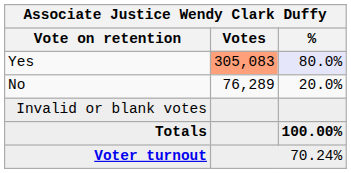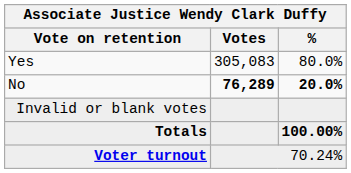 <table class="wikitable" style="font-size: 95%;">
 <tr style="background-color:#E9E9E9">
 <th colspan=6>Associate Justice Wendy Clark Duffy</th>
 </tr>
 <tr style="background-color:#E9E9E9">
 <th style="width: 170px">Vote on retention</th>
 <th style="width: 50px">Votes</th>
 <th style="width: 40px">%</th>
 </tr>
 <tr>
 <td>Yes</td>
-<td align="right" style="background: lightsalmon;">305,083</td>
-<td align="right" style="background: lavender;">80.0%</td>
+<td align="right">305,083</td>
+<td align="right">80.0%</td>
 </tr>
 <tr>
 <td>No</td>
-<td align="right">76,289</td>
-<td align="right">20.0%</td>
+<td align="right"><strong>76,289</strong></td>
+<td align="right"><strong>20.0%</strong></td>
 </tr>
 <tr bgcolor="#EEEEEE">
 <td align="right">Invalid or blank votes</td>
 <td align="right"></td>
 <td align="right"></td>
 </tr>
 <tr bgcolor="#EEEEEE">
 <td align="right"><strong>Totals</strong></td>
 <td align="right"><strong></strong></td>
 <td align="right"><strong>100.00%</strong></td>
 </tr>
 <tr bgcolor="#EEEEEE">
 <td align="right"><strong><a href='#'>Voter turnout</a></strong></td>
 <td colspan="2" align="right">70.24%</td>
 </tr>
 </table>
